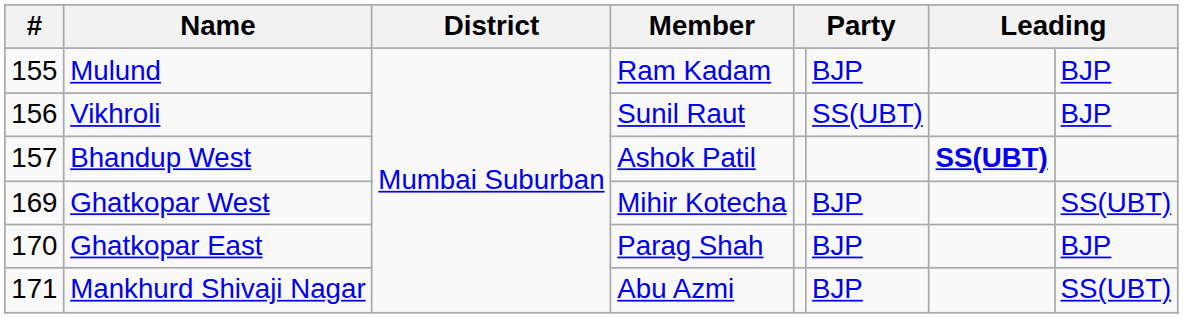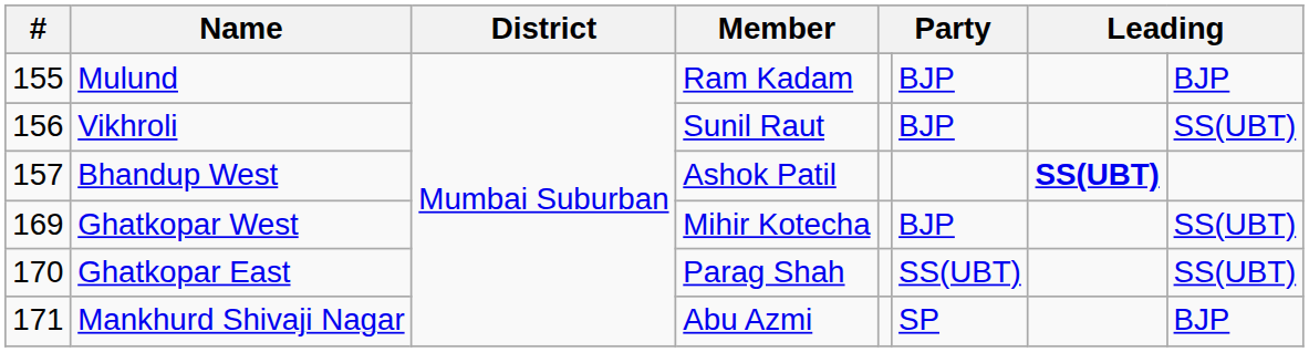 <table class="wikitable">
 <tr>
 <th>#</th>
 <th>Name</th>
 <th>District</th>
 <th>Member</th>
 <th colspan="2">Party</th>
 <th colspan="2">Leading<br></th>
 </tr>
 <tr>
 <td>155</td>
 <td><a href='#'>Mulund</a></td>
 <td rowspan="6"><a href='#'>Mumbai Suburban</a></td>
 <td><a href='#'>Ram Kadam</a></td>
 <td style="background-color:"></td>
 <td><a href='#'>BJP</a></td>
 <td style="background-color:"></td>
 <td><a href='#'>BJP</a></td>
 </tr>
 <tr>
 <td>156</td>
 <td><a href='#'>Vikhroli</a></td>
 <td><a href='#'>Sunil Raut</a></td>
 <td style="background-color:"></td>
+<td><a href='#'>BJP</a></td>
+<td style="background-color:"></td>
 <td><a href='#'>SS(UBT)</a></td>
-<td style="background-color:"></td>
-<td><a href='#'>BJP</a></td>
 </tr>
 <tr>
 <td>157</td>
 <td><a href='#'>Bhandup West</a></td>
 <td><a href='#'>Ashok Patil</a></td>
 <td></td>
 <td style="background-color:"></td>
 <td><strong><a href='#'>SS(UBT)</a></strong></td>
 </tr>
 <tr>
 <td>169</td>
 <td><a href='#'>Ghatkopar West</a></td>
 <td><a href='#'>Mihir Kotecha</a></td>
 <td style="background-color:"></td>
 <td><a href='#'>BJP</a></td>
 <td style="background-color:"></td>
 <td><a href='#'>SS(UBT)</a></td>
 </tr>
 <tr>
 <td>170</td>
 <td><a href='#'>Ghatkopar East</a></td>
 <td><a href='#'>Parag Shah</a></td>
 <td style="background-color:"></td>
-<td><a href='#'>BJP</a></td>
+<td><a href='#'>SS(UBT)</a></td>
 <td style="background-color:"></td>
-<td><a href='#'>BJP</a></td>
+<td><a href='#'>SS(UBT)</a></td>
 </tr>
 <tr>
 <td>171</td>
 <td><a href='#'>Mankhurd Shivaji Nagar</a></td>
 <td><a href='#'>Abu Azmi</a></td>
 <td style="background-color:"></td>
+<td><a href='#'>SP</a></td>
+<td style="background-color:"></td>
 <td><a href='#'>BJP</a></td>
-<td style="background-color:"></td>
-<td><a href='#'>SS(UBT)</a></td>
 </tr>
 </table>
